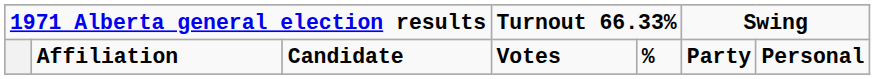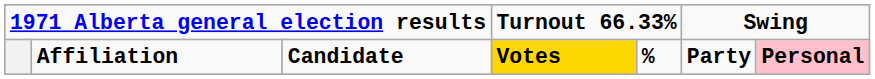 <table class="wikitable">
 <tr>
 <td colspan="3" align=center><strong><a href='#'>1971 Alberta general election</a> results</strong></td>
 <td colspan="2"><strong>Turnout 66.33%</strong></td>
 <td colspan="2" align=center><strong>Swing</strong></td>
 </tr>
 <tr>
 <th style="width: 10px;"></th>
 <td><strong>Affiliation</strong></td>
 <td><strong>Candidate</strong></td>
-<td><strong>Votes</strong></td>
+<td style="background: gold;"><strong>Votes</strong></td>
 <td><strong>%</strong></td>
 <td><strong>Party</strong></td>
-<td><strong>Personal</strong><br>     </td>
+<td style="background: pink;"><strong>Personal</strong><br>     </td>
 </tr>
 </table>
